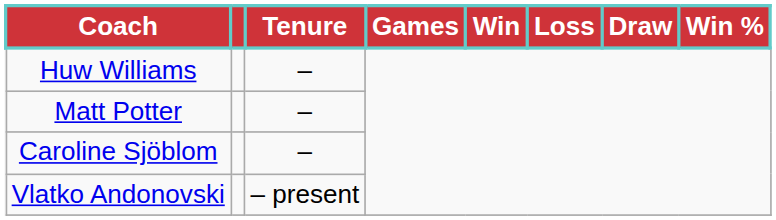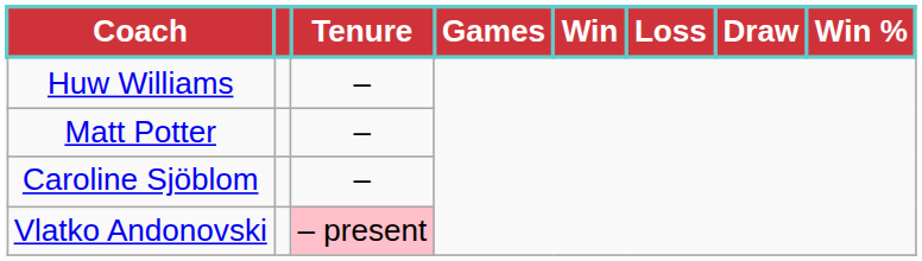 <table class="wikitable" style="text-align:center">
 <tr>
 <th style="background:#CF3339; color:#FFF; border:2px solid #62CBC9;">Coach</th>
 <th style="background:#CF3339; color:#FFF; border:2px solid #62CBC9;"></th>
 <th style="background:#CF3339; color:#FFF; border:2px solid #62CBC9;">Tenure</th>
 <th style="background:#CF3339; color:#FFF; border:2px solid #62CBC9;">Games</th>
 <th style="background:#CF3339; color:#FFF; border:2px solid #62CBC9;">Win</th>
 <th style="background:#CF3339; color:#FFF; border:2px solid #62CBC9;">Loss</th>
 <th style="background:#CF3339; color:#FFF; border:2px solid #62CBC9;">Draw</th>
 <th style="background:#CF3339; color:#FFF; border:2px solid #62CBC9;">Win %</th>
 </tr>
 <tr>
 <td><a href='#'>Huw Williams</a></td>
 <td></td>
 <td> – <br></td>
 </tr>
 <tr>
 <td><a href='#'>Matt Potter</a></td>
 <td></td>
 <td> – <br> </td>
 </tr>
 <tr>
 <td><a href='#'>Caroline Sjöblom</a></td>
 <td></td>
 <td> – <br> </td>
 </tr>
 <tr>
 <td><a href='#'>Vlatko Andonovski</a></td>
 <td></td>
-<td> – present</td>
+<td style="background: pink;"> – present</td>
 </tr>
 </table>
